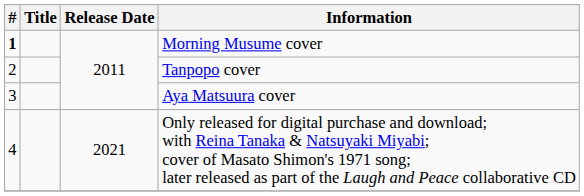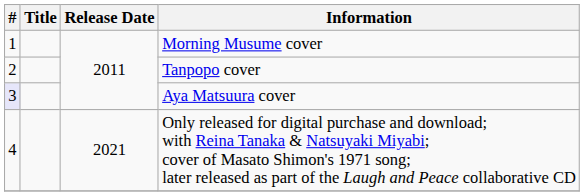 <table class="wikitable">
 <tr>
 <th>#</th>
 <th>Title</th>
 <th>Release Date</th>
 <th>Information</th>
 </tr>
 <tr>
-<td align="center"><strong>1</strong></td>
+<td align="center">1</td>
 <td></td>
 <td align="center" rowspan="3">2011</td>
 <td><a href='#'>Morning Musume</a> cover</td>
 </tr>
 <tr>
 <td align="center">2</td>
 <td></td>
 <td><a href='#'>Tanpopo</a> cover</td>
 </tr>
 <tr>
-<td align="center">3</td>
+<td align="center" style="background: lavender;">3</td>
 <td></td>
 <td><a href='#'>Aya Matsuura</a> cover</td>
 </tr>
 <tr>
 <td align="center">4</td>
 <td></td>
 <td align="center">2021</td>
 <td>Only released for digital purchase and download;<br> with <a href='#'>Reina Tanaka</a> & <a href='#'>Natsuyaki Miyabi</a>;<br> cover of Masato Shimon's 1971 song;<br>later released as part of the <em>Laugh and Peace</em> collaborative CD</td>
 </tr>
 <tr>
 </tr>
 </table>
